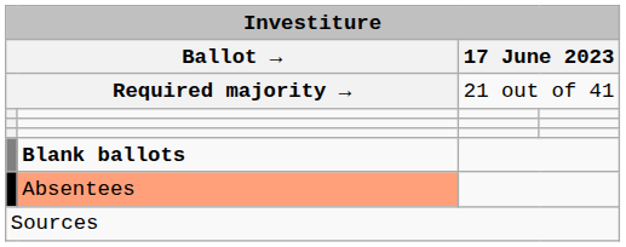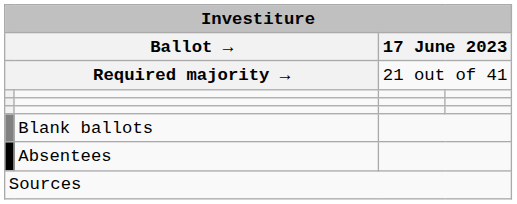 <table class="wikitable" style="text-align:center;">
 <tr>
 <td colspan="8" align="center" bgcolor="#C0C0C0"><strong>Investiture</strong></td>
 </tr>
 <tr>
 <th colspan="2" width="275px">Ballot →</th>
 <th colspan="2">17 June 2023</th>
 </tr>
 <tr>
 <th colspan="2">Required majority →</th>
 <td colspan="2">21 out of 41</td>
 </tr>
 <tr>
 <th width="1px" style="background:"></th>
 <td align="left"></td>
 <td></td>
 <td></td>
 </tr>
 <tr>
 <th style="color:inherit;background:"></th>
 <td align="left"></td>
 <td></td>
 <td></td>
 </tr>
 <tr>
 <th style="color:inherit;background:"></th>
 <td align="left"></td>
 <td></td>
 <td></td>
 </tr>
 <tr>
 <th style="color:inherit;background:gray;"></th>
-<td align="left"><strong>Blank ballots</strong></td>
+<td align="left">Blank ballots</td>
 <td colspan="2"></td>
 </tr>
 <tr>
 <th style="color:inherit;background:black;"></th>
-<td align="left" style="background: lightsalmon;">Absentees</td>
+<td align="left">Absentees</td>
 <td colspan="2"></td>
 </tr>
 <tr>
 <td align="left" colspan="4">Sources</td>
 </tr>
 </table>
